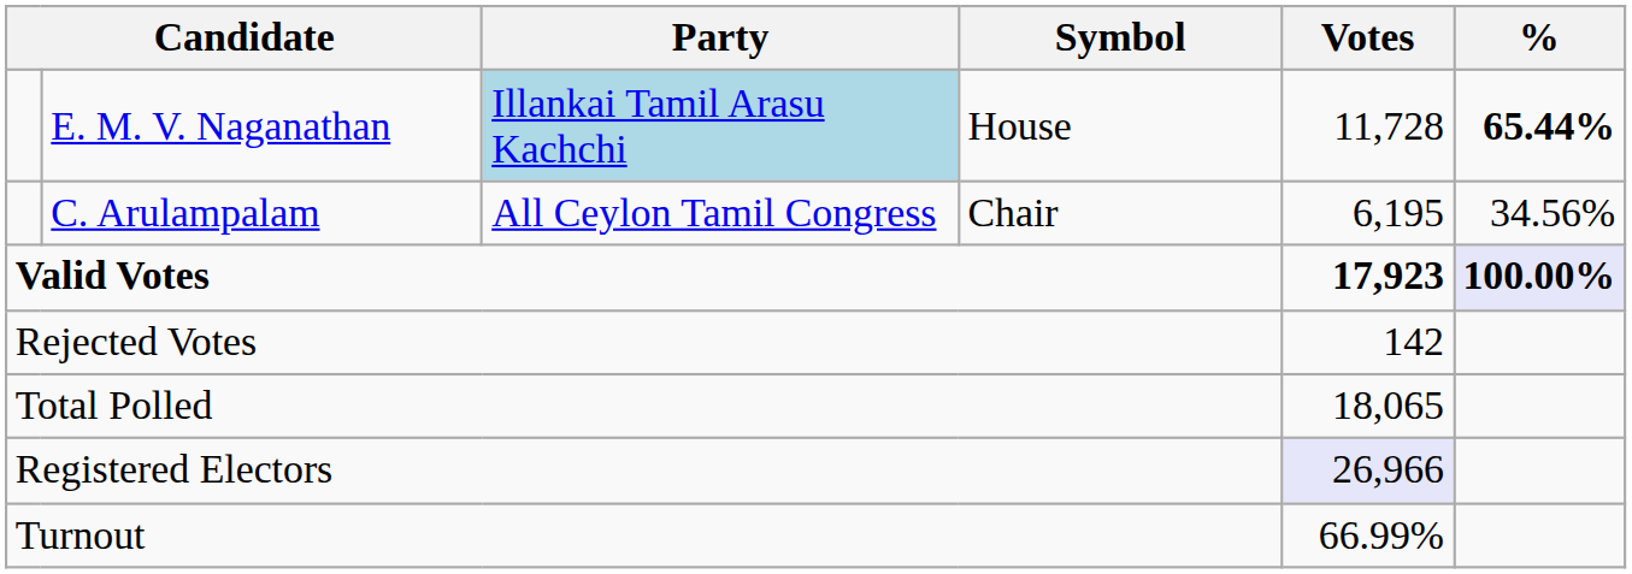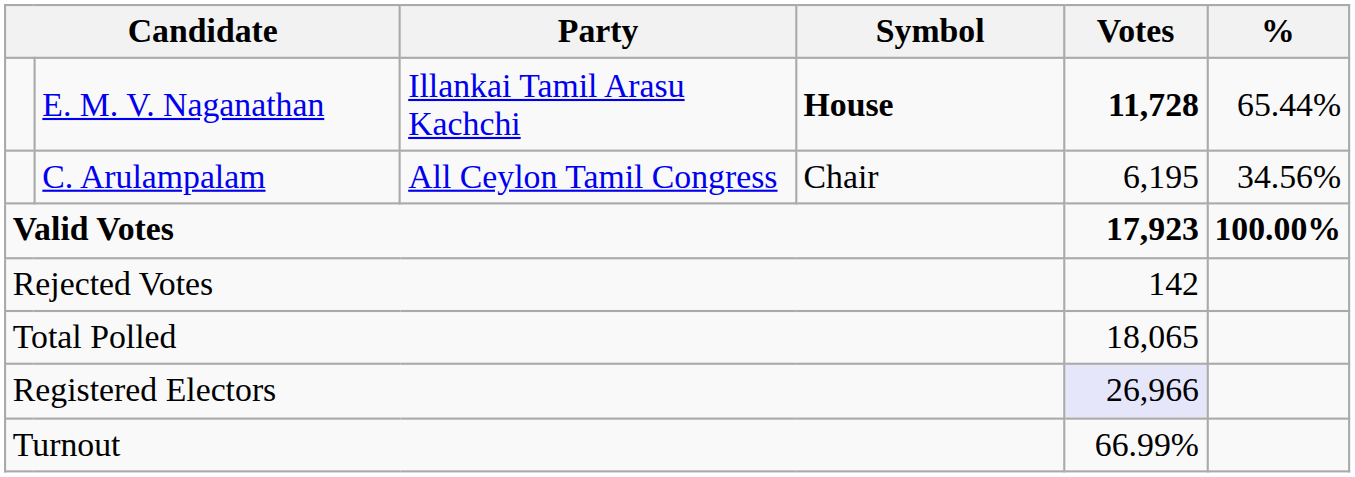 <table class="wikitable" border="1" style="text-align:right;">
 <tr>
 <th align=left colspan=2 width="180">Candidate</th>
 <th align=left width="180">Party</th>
 <th align=left width="120">Symbol</th>
 <th align=left width="60">Votes</th>
 <th align=left width="60">%</th>
 </tr>
 <tr>
 <td bgcolor=> </td>
 <td align=left><a href='#'>E. M. V. Naganathan</a></td>
-<td align=left style="background: lightblue;"><a href='#'>Illankai Tamil Arasu Kachchi</a></td>
-<td align=left>House</td>
-<td>11,728</td>
-<td><strong>65.44%</strong></td>
+<td align=left><a href='#'>Illankai Tamil Arasu Kachchi</a></td>
+<td align=left><strong>House</strong></td>
+<td><strong>11,728</strong></td>
+<td>65.44%</td>
 </tr>
 <tr>
 <td bgcolor=> </td>
 <td align=left><a href='#'>C. Arulampalam</a></td>
 <td align=left><a href='#'>All Ceylon Tamil Congress</a></td>
 <td align=left>Chair</td>
 <td>6,195</td>
 <td>34.56%</td>
 </tr>
 <tr>
 <td align=left colspan=4><strong>Valid Votes</strong></td>
 <td><strong>17,923</strong></td>
-<td style="background: lavender;"><strong>100.00%</strong></td>
+<td><strong>100.00%</strong></td>
 </tr>
 <tr>
 <td align=left colspan=4>Rejected Votes</td>
 <td>142</td>
 <td></td>
 </tr>
 <tr>
 <td align=left colspan=4>Total Polled</td>
 <td>18,065</td>
 <td></td>
 </tr>
 <tr>
 <td align=left colspan=4>Registered Electors</td>
 <td style="background: lavender;">26,966</td>
 <td></td>
 </tr>
 <tr>
 <td align=left colspan=4>Turnout</td>
 <td>66.99%</td>
 </tr>
 </table>
